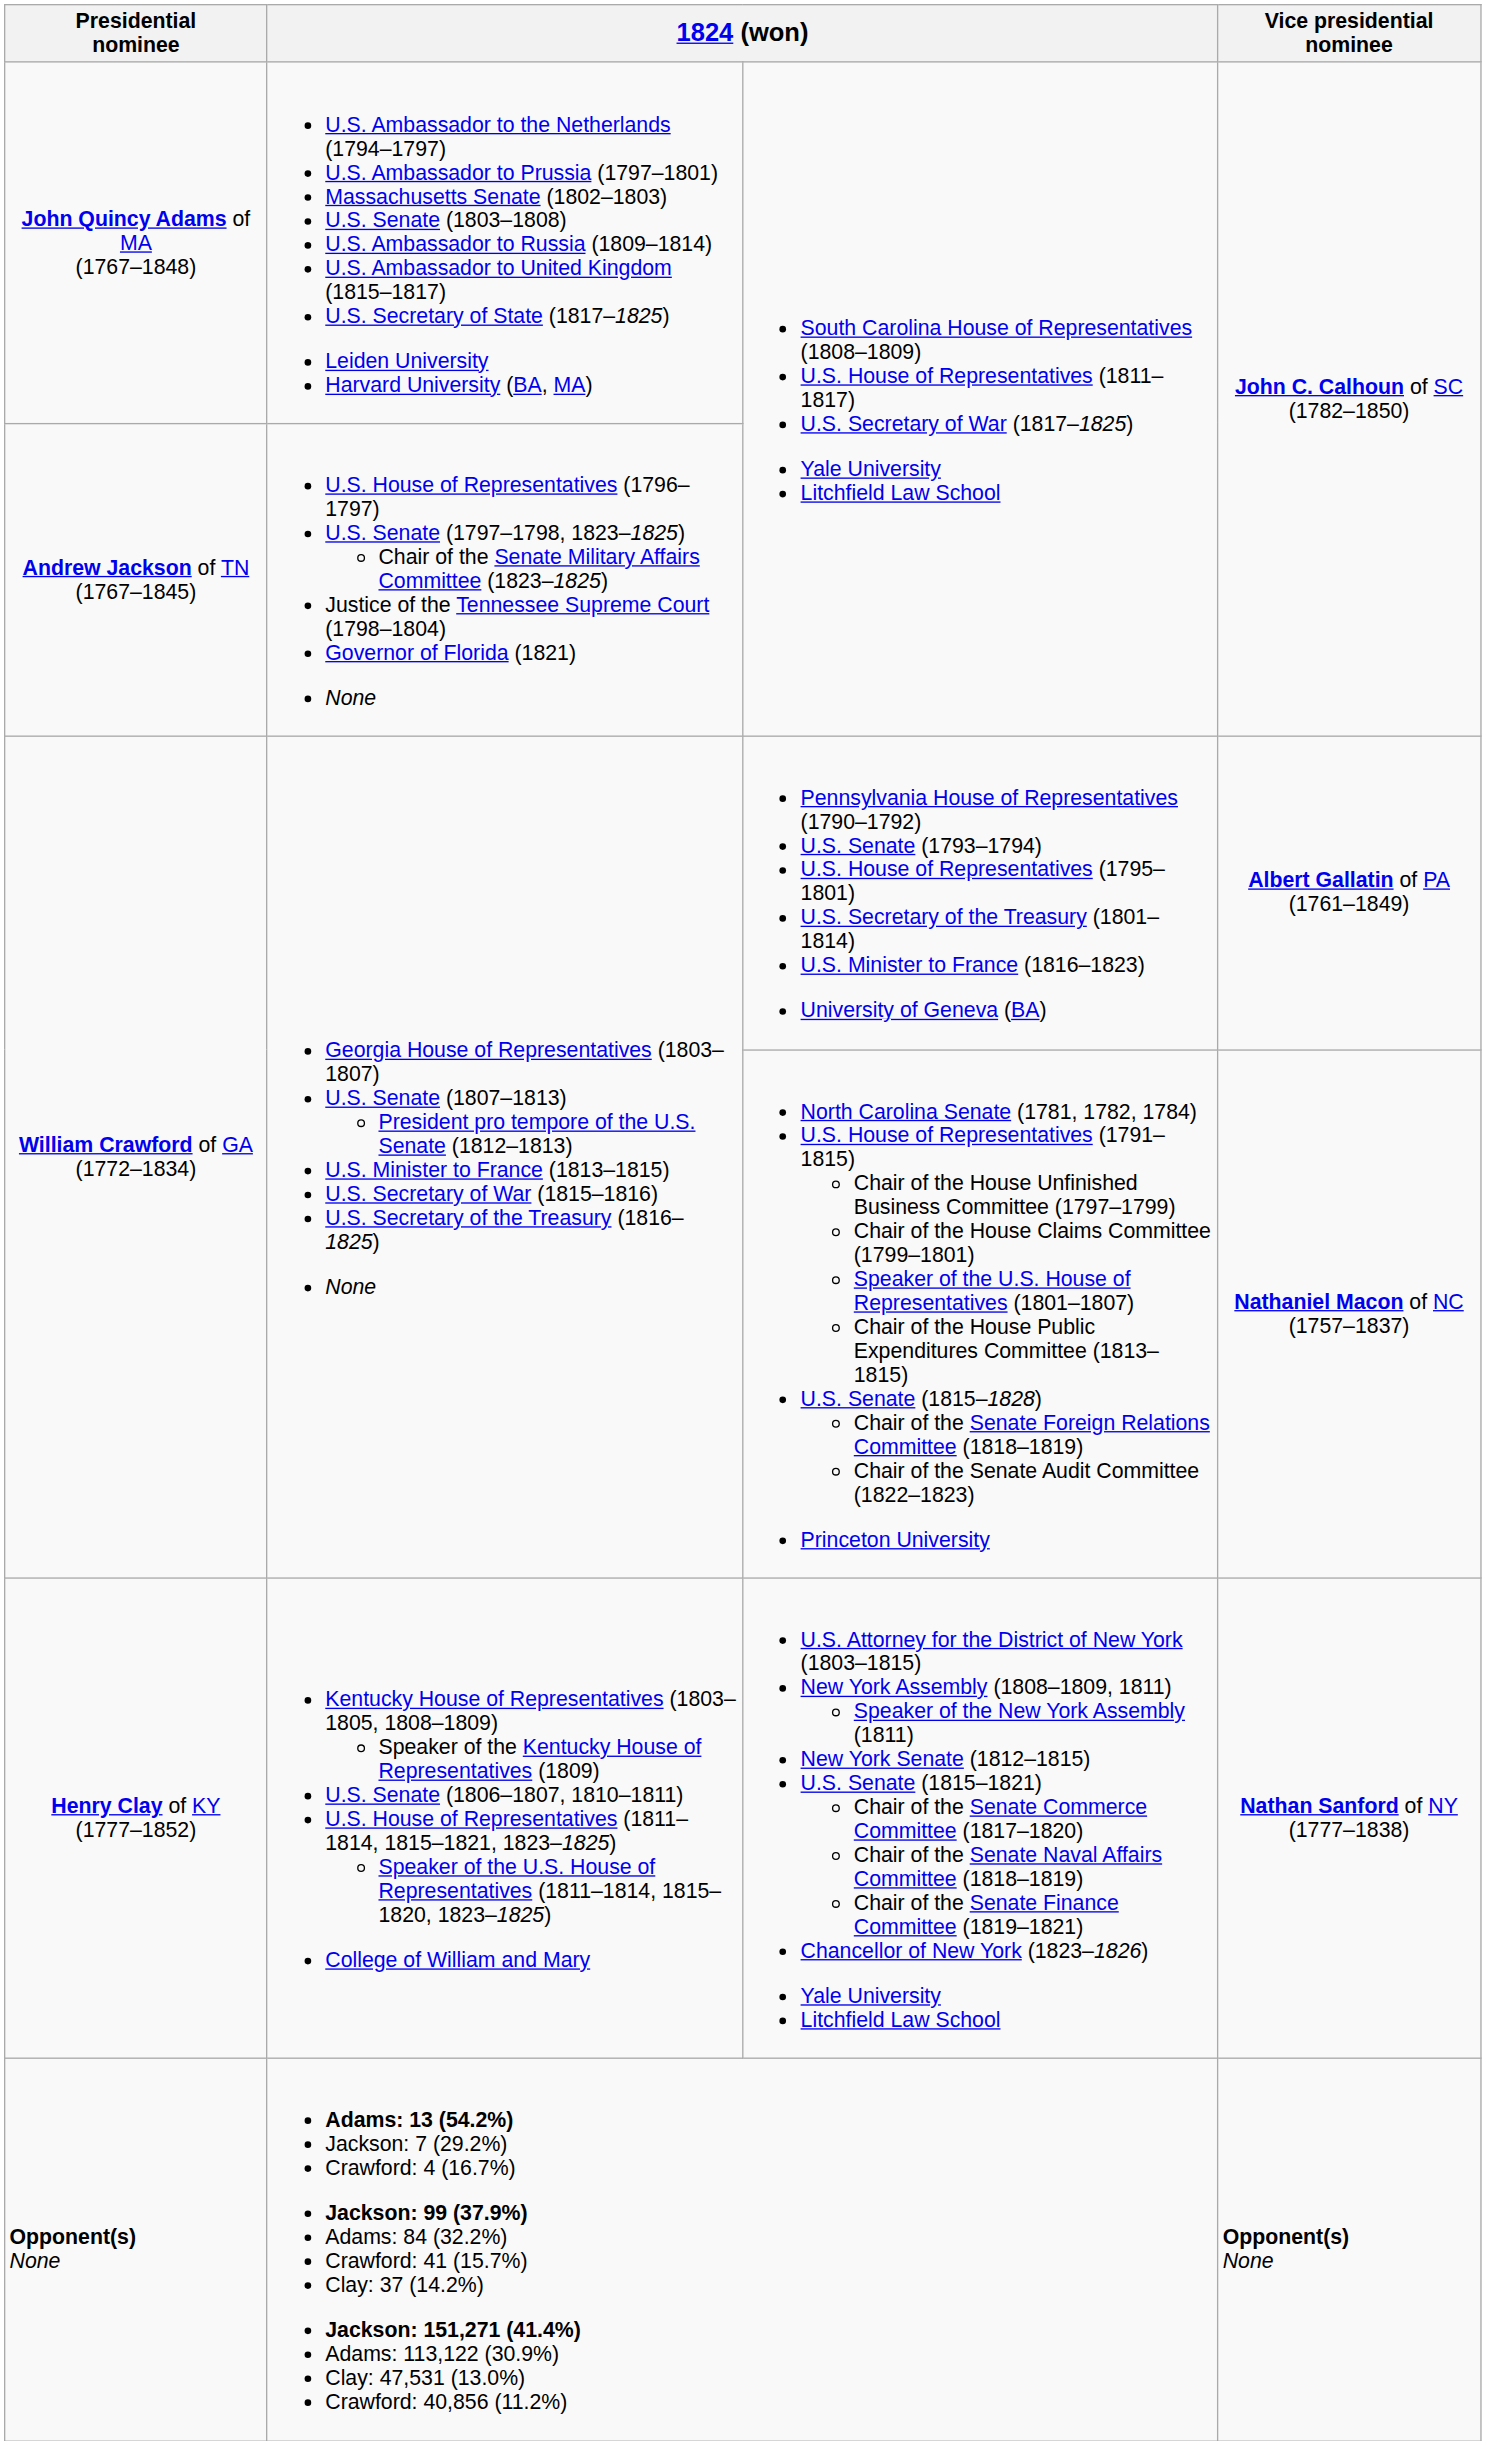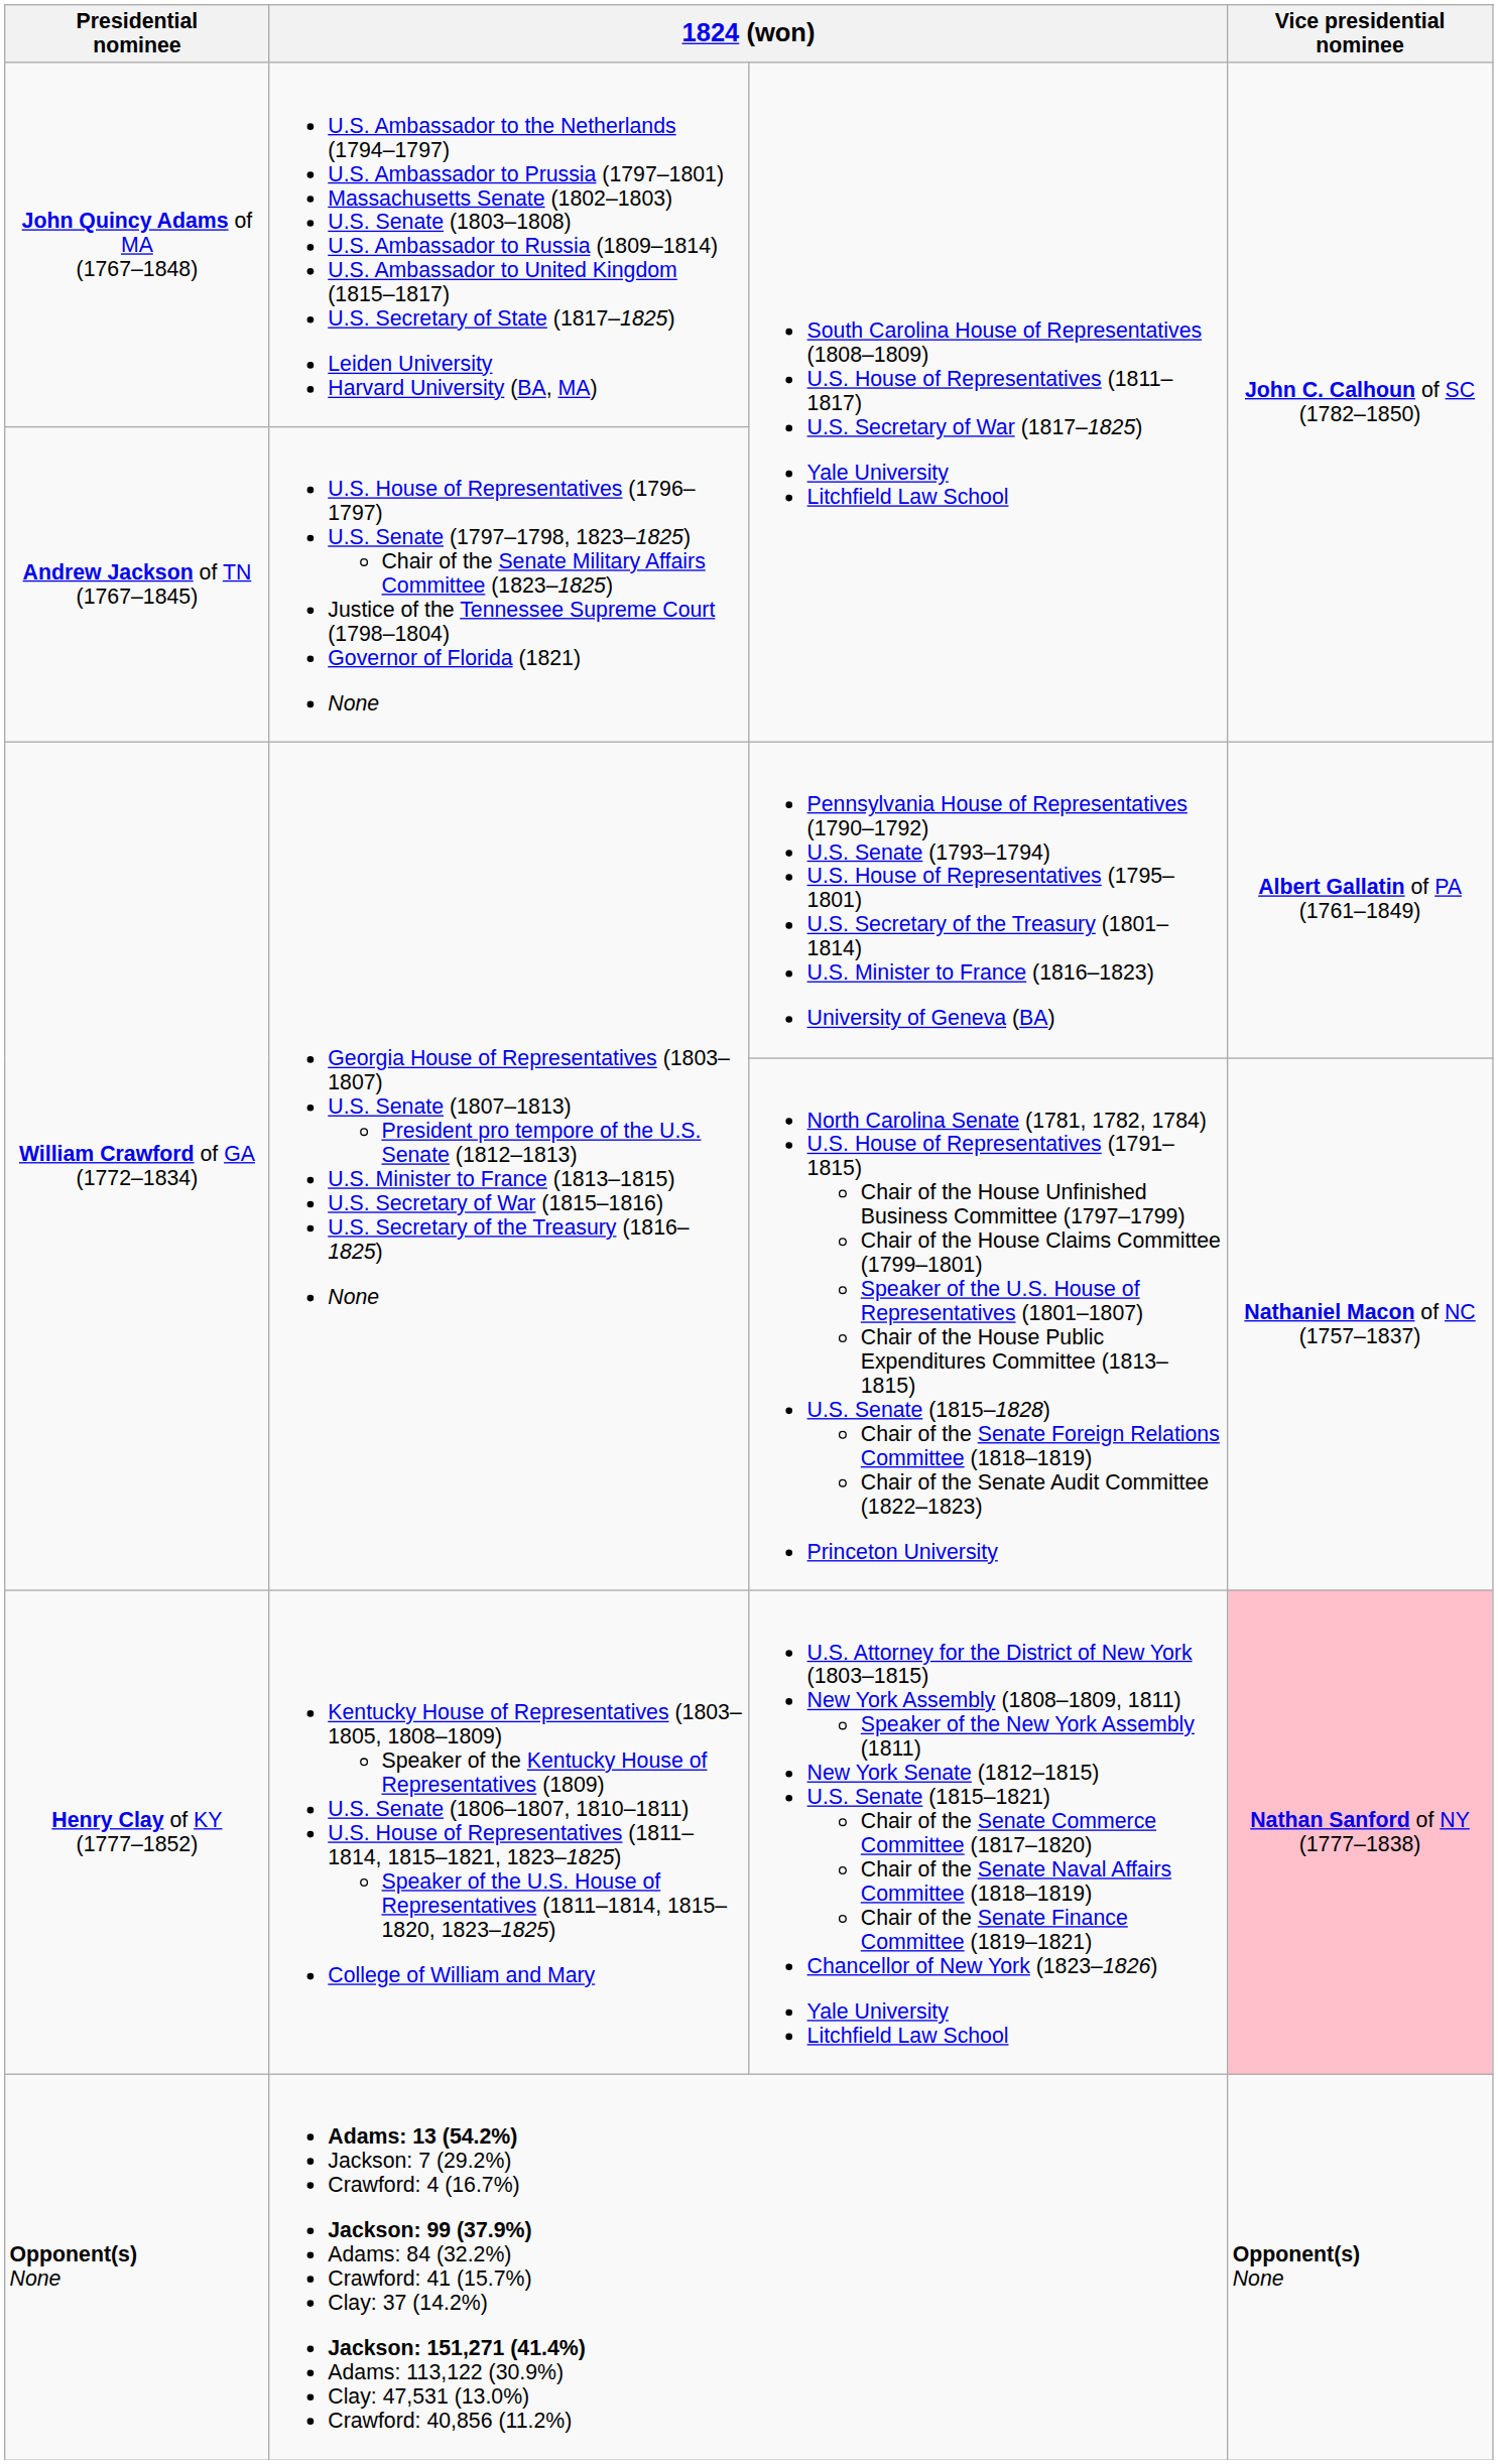 <table class="wikitable">
 <tr>
 <th width=190>Presidential<br>nominee</th>
 <th colspan=2><big><a href='#'>1824</a> (won)</big></th>
 <th width=190>Vice presidential<br>nominee</th>
 </tr>
 <tr>
 <td style="text-align:center;"><strong><a href='#'>John Quincy Adams</a></strong> of <a href='#'>MA</a><br>(1767–1848)<br></td>
 <td width=350><br><ul><li><a href='#'>U.S. Ambassador to the Netherlands</a> (1794–1797)</li><li><a href='#'>U.S. Ambassador to Prussia</a> (1797–1801)</li><li><a href='#'>Massachusetts Senate</a> (1802–1803)</li><li><a href='#'>U.S. Senate</a> (1803–1808)</li><li><a href='#'>U.S. Ambassador to Russia</a> (1809–1814)</li><li><a href='#'>U.S. Ambassador to United Kingdom</a> (1815–1817)</li><li><a href='#'>U.S. Secretary of State</a> (1817–<em>1825</em>)</li></ul><ul><li><a href='#'>Leiden University</a></li><li><a href='#'>Harvard University</a> (<a href='#'>BA</a>, <a href='#'>MA</a>)</li></ul></td>
 <td rowspan=2 width=350><br><ul><li><a href='#'>South Carolina House of Representatives</a> (1808–1809)</li><li><a href='#'>U.S. House of Representatives</a> (1811–1817)</li><li><a href='#'>U.S. Secretary of War</a> (1817–<em>1825</em>)</li></ul><ul><li><a href='#'>Yale University</a></li><li><a href='#'>Litchfield Law School</a></li></ul></td>
 <td rowspan=2 style="text-align:center;"><strong><a href='#'>John C. Calhoun</a></strong> of <a href='#'>SC</a><br>(1782–1850)<br></td>
 </tr>
 <tr>
 <td style="text-align:center;"><strong><a href='#'>Andrew Jackson</a></strong> of <a href='#'>TN</a><br>(1767–1845)<br></td>
 <td width=350><br><ul><li><a href='#'>U.S. House of Representatives</a> (1796–1797)</li><li><a href='#'>U.S. Senate</a> (1797–1798, 1823–<em>1825</em>)<ul><li>Chair of the <a href='#'>Senate Military Affairs Committee</a> (1823–<em>1825</em>)</li></ul></li><li>Justice of the <a href='#'>Tennessee Supreme Court</a> (1798–1804)</li><li><a href='#'>Governor of Florida</a> (1821)</li></ul><ul><li><em>None</em></li></ul></td>
 </tr>
 <tr>
 <td rowspan=2 style="text-align:center;"><strong><a href='#'>William Crawford</a></strong> of <a href='#'>GA</a><br>(1772–1834)<br></td>
 <td rowspan=2 width=350><br><ul><li><a href='#'>Georgia House of Representatives</a> (1803–1807)</li><li><a href='#'>U.S. Senate</a> (1807–1813)<ul><li><a href='#'>President pro tempore of the U.S. Senate</a> (1812–1813)</li></ul></li><li><a href='#'>U.S. Minister to France</a> (1813–1815)</li><li><a href='#'>U.S. Secretary of War</a> (1815–1816)</li><li><a href='#'>U.S. Secretary of the Treasury</a> (1816–<em>1825</em>)</li></ul><ul><li><em>None</em></li></ul></td>
 <td width=350><br><ul><li><a href='#'>Pennsylvania House of Representatives</a> (1790–1792)</li><li><a href='#'>U.S. Senate</a> (1793–1794)</li><li><a href='#'>U.S. House of Representatives</a> (1795–1801)</li><li><a href='#'>U.S. Secretary of the Treasury</a> (1801–1814)</li><li><a href='#'>U.S. Minister to France</a> (1816–1823)</li></ul><ul><li><a href='#'>University of Geneva</a> (<a href='#'>BA</a>)</li></ul></td>
 <td style="text-align:center;"><strong><a href='#'>Albert Gallatin</a></strong> of <a href='#'>PA</a><br>(1761–1849)<br></td>
 </tr>
 <tr>
 <td width=350><br><ul><li><a href='#'>North Carolina Senate</a> (1781, 1782, 1784)</li><li><a href='#'>U.S. House of Representatives</a> (1791–1815)<ul><li>Chair of the House Unfinished Business Committee (1797–1799)</li><li>Chair of the House Claims Committee (1799–1801)</li><li><a href='#'>Speaker of the U.S. House of Representatives</a> (1801–1807)</li><li>Chair of the House Public Expenditures Committee (1813–1815)</li></ul></li><li><a href='#'>U.S. Senate</a> (1815–<em>1828</em>)<ul><li>Chair of the <a href='#'>Senate Foreign Relations Committee</a> (1818–1819)</li><li>Chair of the Senate Audit Committee (1822–1823)</li></ul></li></ul><ul><li><a href='#'>Princeton University</a></li></ul></td>
 <td style="text-align:center;"><strong><a href='#'>Nathaniel Macon</a></strong> of <a href='#'>NC</a><br>(1757–1837)<br></td>
 </tr>
 <tr>
 <td style="text-align:center;"><strong><a href='#'>Henry Clay</a></strong> of <a href='#'>KY</a><br>(1777–1852)<br></td>
 <td width=350><br><ul><li><a href='#'>Kentucky House of Representatives</a> (1803–1805, 1808–1809)<ul><li>Speaker of the <a href='#'>Kentucky House of Representatives</a> (1809)</li></ul></li><li><a href='#'>U.S. Senate</a> (1806–1807, 1810–1811)</li><li><a href='#'>U.S. House of Representatives</a> (1811–1814, 1815–1821, 1823–<em>1825</em>)<ul><li><a href='#'>Speaker of the U.S. House of Representatives</a> (1811–1814, 1815–1820, 1823–<em>1825</em>)</li></ul></li></ul><ul><li><a href='#'>College of William and Mary</a></li></ul></td>
 <td width=350><br><ul><li><a href='#'>U.S. Attorney for the District of New York</a> (1803–1815)</li><li><a href='#'>New York Assembly</a> (1808–1809, 1811)<ul><li><a href='#'>Speaker of the New York Assembly</a> (1811)</li></ul></li><li><a href='#'>New York Senate</a> (1812–1815)</li><li><a href='#'>U.S. Senate</a> (1815–1821)<ul><li>Chair of the <a href='#'>Senate Commerce Committee</a> (1817–1820)</li><li>Chair of the <a href='#'>Senate Naval Affairs Committee</a> (1818–1819)</li><li>Chair of the <a href='#'>Senate Finance Committee</a> (1819–1821)</li></ul></li><li><a href='#'>Chancellor of New York</a> (1823–<em>1826</em>)</li></ul><ul><li><a href='#'>Yale University</a></li><li><a href='#'>Litchfield Law School</a></li></ul></td>
-<td style="text-align:center;"><strong><a href='#'>Nathan Sanford</a></strong> of <a href='#'>NY</a><br>(1777–1838)<br></td>
+<td style="background: pink; text-align:center;"><strong><a href='#'>Nathan Sanford</a></strong> of <a href='#'>NY</a><br>(1777–1838)<br></td>
 </tr>
 <tr>
 <td><strong>Opponent(s)</strong><br><em>None</em></td>
 <td colspan=2><br><ul><li><strong>Adams: 13 (54.2%)</strong></li><li>Jackson: 7 (29.2%)</li><li>Crawford: 4 (16.7%)</li></ul><ul><li><strong>Jackson: 99 (37.9%)</strong></li><li>Adams: 84 (32.2%)</li><li>Crawford: 41 (15.7%)</li><li>Clay: 37 (14.2%)</li></ul><ul><li><strong>Jackson: 151,271 (41.4%)</strong></li><li>Adams: 113,122 (30.9%)</li><li>Clay: 47,531 (13.0%)</li><li>Crawford: 40,856 (11.2%)</li></ul></td>
 <td><strong>Opponent(s)</strong><br><em>None</em></td>
 </tr>
 </table>
